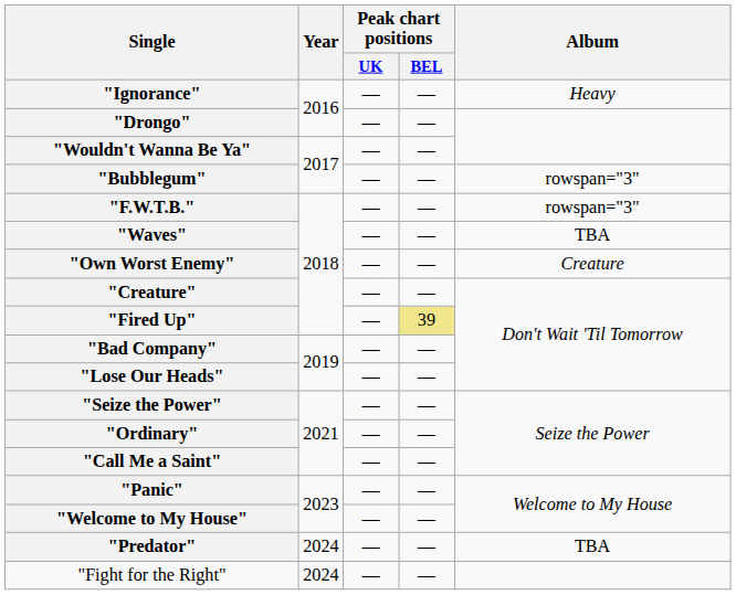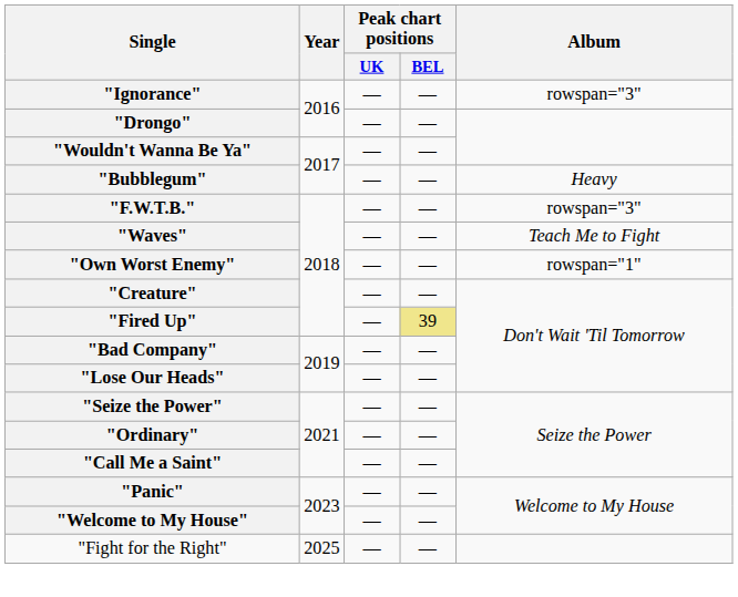 <table class="wikitable plainrowheaders" style="text-align:center;">
 <tr>
 <th scope="col" rowspan="2" style="width:16em;">Single</th>
 <th scope="col" rowspan="2">Year</th>
 <th scope="col" colspan="2">Peak chart positions</th>
 <th scope="col" rowspan="2" style="width:15em;">Album</th>
 </tr>
 <tr>
 <th scope="col" style="width:3em;font-size:90%;"><a href='#'>UK</a><br></th>
 <th scope="col" style="width:3em;font-size:90%;"><a href='#'>BEL</a><br></th>
 </tr>
 <tr>
 <th scope="row">"Ignorance"</th>
 <td rowspan="2">2016</td>
 <td>—</td>
 <td>—</td>
-<td><em>Heavy</em></td>
+<td>rowspan="3" </td>
 </tr>
 <tr>
 <th scope="row">"Drongo"</th>
 <td>—</td>
 <td>—</td>
 </tr>
 <tr>
 <th scope="row">"Wouldn't Wanna Be Ya"</th>
 <td rowspan="2">2017</td>
 <td>—</td>
 <td>—</td>
 </tr>
 <tr>
 <th scope="row">"Bubblegum"</th>
 <td>—</td>
 <td>—</td>
-<td>rowspan="3" </td>
+<td><em>Heavy</em></td>
 </tr>
 <tr>
 <th scope="row">"F.W.T.B."</th>
 <td rowspan="5">2018</td>
 <td>—</td>
 <td>—</td>
 <td>rowspan="3" </td>
 </tr>
 <tr>
 <th scope="row">"Waves"</th>
 <td>—</td>
 <td>—</td>
-<td>TBA</td>
+<td><em>Teach Me to Fight</em></td>
 </tr>
 <tr>
 <th scope="row">"Own Worst Enemy"</th>
 <td>—</td>
 <td>—</td>
-<td><em>Creature</em></td>
+<td>rowspan="1" </td>
 </tr>
 <tr>
 <th scope="row">"Creature"</th>
 <td>—</td>
 <td>—</td>
 <td rowspan="4"><em>Don't Wait 'Til Tomorrow</em></td>
 </tr>
 <tr>
 <th scope="row">"Fired Up"</th>
 <td>—</td>
 <td style="background: khaki;">39</td>
 </tr>
 <tr>
 <th scope="row">"Bad Company"</th>
 <td rowspan="2">2019</td>
 <td>—</td>
 <td>—</td>
 </tr>
 <tr>
 <th scope="row">"Lose Our Heads"</th>
 <td>—</td>
 <td>—</td>
 </tr>
 <tr>
 <th scope="row">"Seize the Power"</th>
 <td rowspan="3">2021</td>
 <td>—</td>
 <td>—</td>
 <td rowspan="3"><em>Seize the Power</em></td>
 </tr>
 <tr>
 <th scope="row">"Ordinary"</th>
 <td>—</td>
 <td>—</td>
 </tr>
 <tr>
 <th scope="row">"Call Me a Saint"</th>
 <td>—</td>
 <td>—</td>
 </tr>
 <tr>
 <th scope="row">"Panic"</th>
 <td rowspan="2">2023</td>
 <td>—</td>
 <td>—</td>
 <td rowspan="2"><em>Welcome to My House</em></td>
 </tr>
 <tr>
 <th scope="row">"Welcome to My House"</th>
 <td>—</td>
 <td>—</td>
 </tr>
 <tr>
-<th scope="row">"Predator"</th>
-<td>2024</td>
-<td>—</td>
-<td>—</td>
-<td>TBA</td>
-</tr>
-<tr>
 <td>"Fight for the Right"</td>
-<td>2024</td>
+<td>2025</td>
 <td>—</td>
 <td>—</td>
 <td></td>
 </tr>
 </table>
